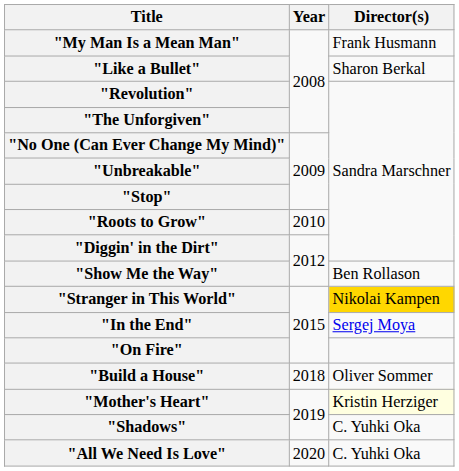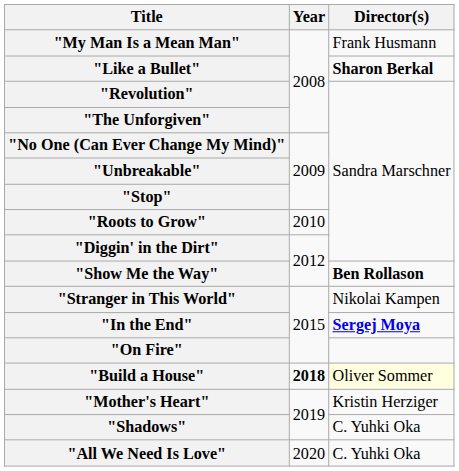 <table class="wikitable plainrowheaders">
 <tr>
 <th scope="col">Title</th>
 <th scope="col">Year</th>
 <th scope="col">Director(s)</th>
 </tr>
 <tr>
 <th scope="row">"My Man Is a Mean Man"</th>
 <td rowspan="4">2008</td>
 <td>Frank Husmann</td>
 </tr>
 <tr>
 <th scope="row">"Like a Bullet"</th>
-<td>Sharon Berkal</td>
+<td><strong>Sharon Berkal</strong></td>
 </tr>
 <tr>
 <th scope="row">"Revolution"</th>
 <td rowspan="7">Sandra Marschner</td>
 </tr>
 <tr>
 <th scope="row">"The Unforgiven"</th>
 </tr>
 <tr>
 <th scope="row">"No One (Can Ever Change My Mind)"</th>
 <td rowspan="3">2009</td>
 </tr>
 <tr>
 <th scope="row">"Unbreakable"</th>
 </tr>
 <tr>
 <th scope="row">"Stop"</th>
 </tr>
 <tr>
 <th scope="row">"Roots to Grow"</th>
 <td>2010</td>
 </tr>
 <tr>
 <th scope="row">"Diggin' in the Dirt"</th>
 <td rowspan="2">2012</td>
 </tr>
 <tr>
 <th scope="row">"Show Me the Way"</th>
-<td>Ben Rollason</td>
+<td><strong>Ben Rollason</strong></td>
 </tr>
 <tr>
 <th scope="row">"Stranger in This World"</th>
 <td rowspan="3">2015</td>
-<td style="background: gold;">Nikolai Kampen</td>
+<td>Nikolai Kampen</td>
 </tr>
 <tr>
 <th scope="row">"In the End"</th>
-<td><a href='#'>Sergej Moya</a></td>
+<td><strong><a href='#'>Sergej Moya</a></strong></td>
 </tr>
 <tr>
 <th scope="row">"On Fire"</th>
 <td></td>
 </tr>
 <tr>
 <th scope="row">"Build a House"</th>
-<td>2018</td>
-<td>Oliver Sommer</td>
+<td><strong>2018</strong></td>
+<td style="background: lightyellow;">Oliver Sommer</td>
 </tr>
 <tr>
 <th scope="row">"Mother's Heart"</th>
 <td rowspan="2">2019</td>
-<td style="background: lightyellow;">Kristin Herziger</td>
+<td>Kristin Herziger</td>
 </tr>
 <tr>
 <th scope="row">"Shadows"</th>
 <td>C. Yuhki Oka</td>
 </tr>
 <tr>
 <th scope="row">"All We Need Is Love"</th>
 <td>2020</td>
 <td>C. Yuhki Oka</td>
 </tr>
 </table>
